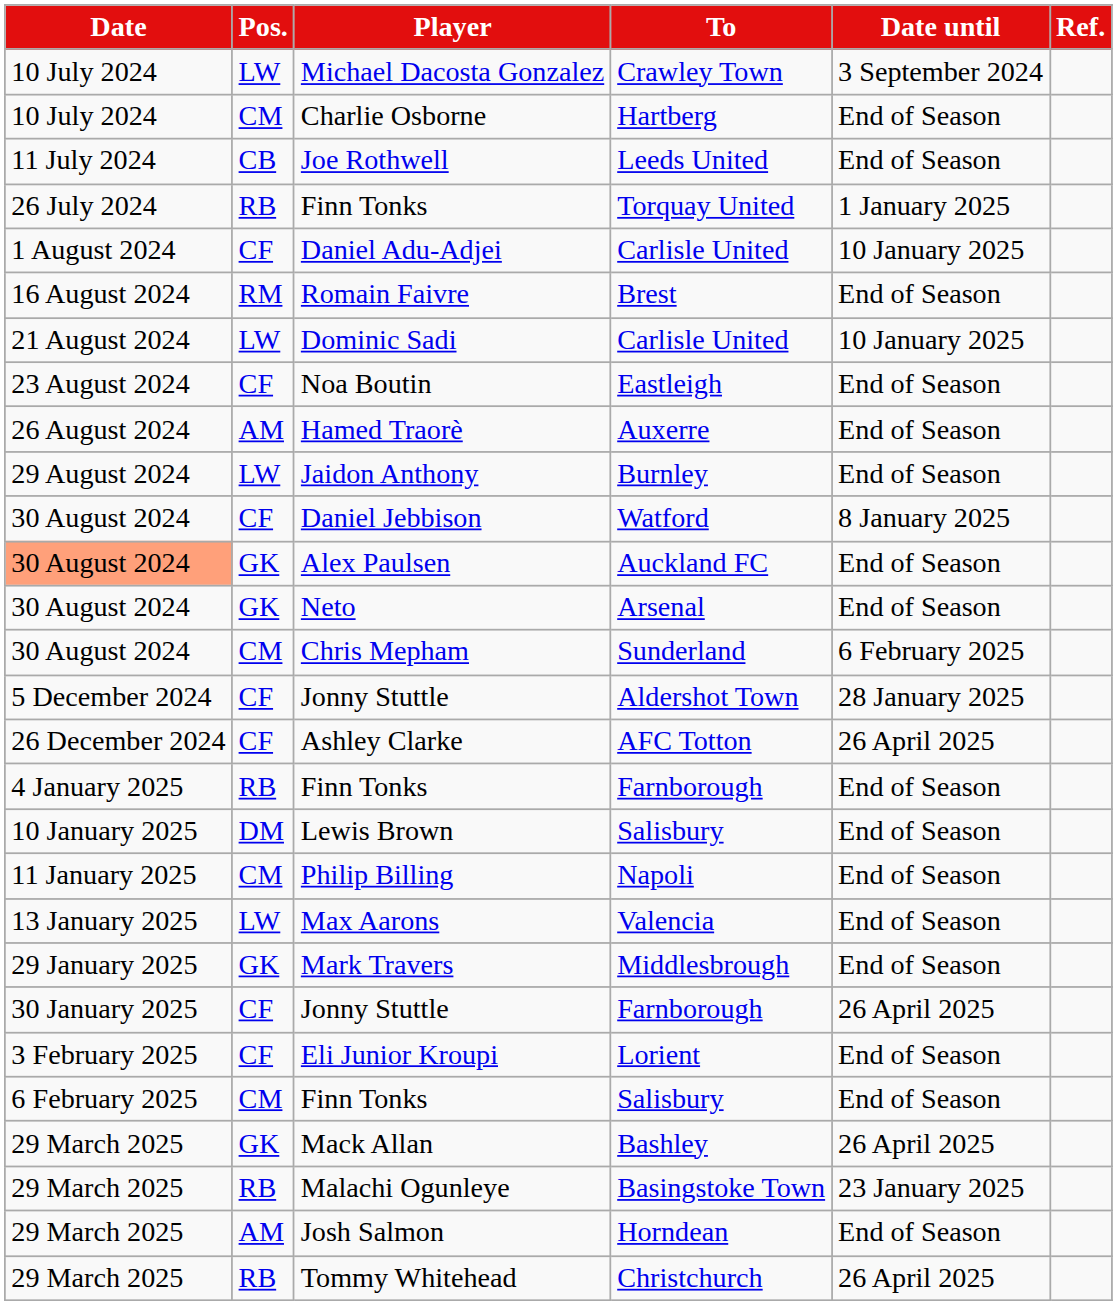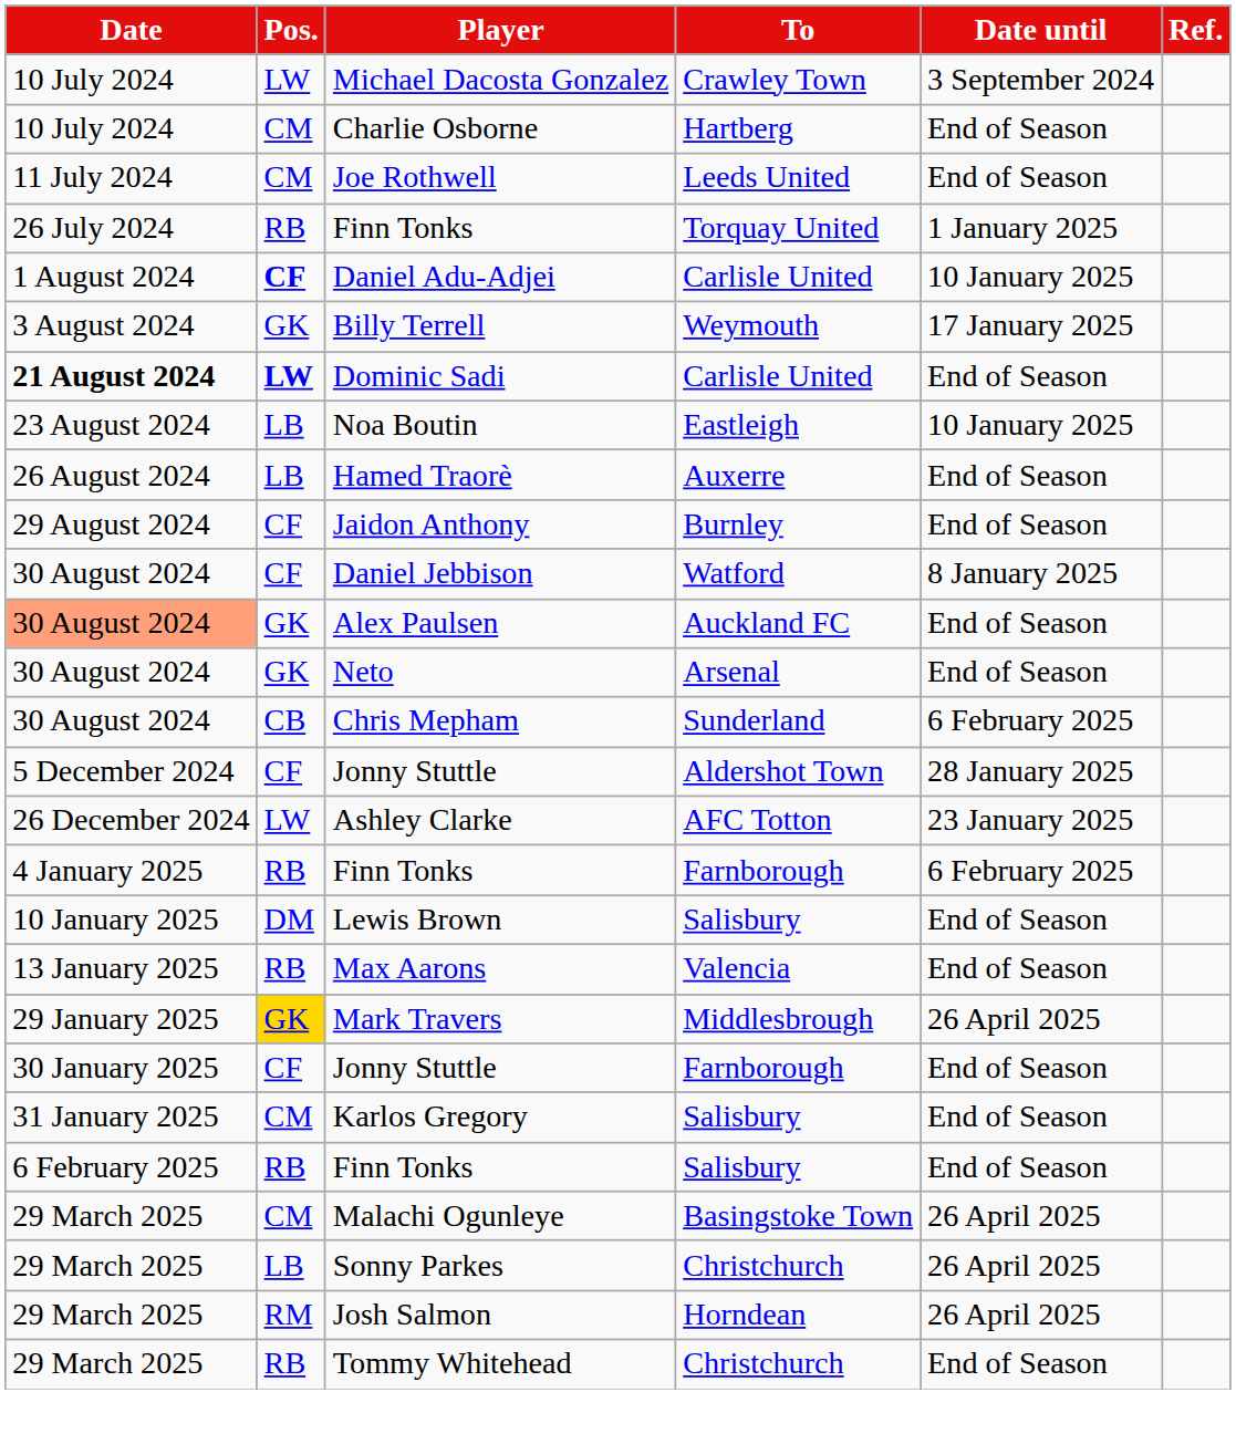 <table class="wikitable plainrowheaders sortable">
 <tr>
 <th style="background:#e20e0e;color:#FFFFFF;">Date</th>
 <th style="background:#e20e0e;color:#FFFFFF;">Pos.</th>
 <th style="background:#e20e0e;color:#FFFFFF;">Player</th>
 <th style="background:#e20e0e;color:#FFFFFF;">To</th>
 <th style="background:#e20e0e;color:#FFFFFF;">Date until</th>
 <th style="background:#e20e0e;color:#FFFFFF;">Ref.</th>
 </tr>
 <tr>
 <td>10 July 2024</td>
 <td><a href='#'>LW</a></td>
 <td> <a href='#'>Michael Dacosta Gonzalez</a></td>
 <td> <a href='#'>Crawley Town</a></td>
 <td>3 September 2024</td>
 <td></td>
 </tr>
 <tr>
 <td>10 July 2024</td>
 <td><a href='#'>CM</a></td>
 <td> Charlie Osborne</td>
 <td> <a href='#'>Hartberg</a></td>
 <td>End of Season</td>
 <td></td>
 </tr>
 <tr>
 <td>11 July 2024</td>
-<td><a href='#'>CB</a></td>
+<td><a href='#'>CM</a></td>
 <td> <a href='#'>Joe Rothwell</a></td>
 <td> <a href='#'>Leeds United</a></td>
 <td>End of Season</td>
 <td></td>
 </tr>
 <tr>
 <td>26 July 2024</td>
 <td><a href='#'>RB</a></td>
 <td> Finn Tonks</td>
 <td> <a href='#'>Torquay United</a></td>
 <td>1 January 2025</td>
 <td></td>
 </tr>
 <tr>
 <td>1 August 2024</td>
-<td><a href='#'>CF</a></td>
+<td><strong><a href='#'>CF</a></strong></td>
 <td> <a href='#'>Daniel Adu-Adjei</a></td>
 <td> <a href='#'>Carlisle United</a></td>
 <td>10 January 2025</td>
 <td></td>
 </tr>
 <tr>
-<td>16 August 2024</td>
-<td><a href='#'>RM</a></td>
-<td> <a href='#'>Romain Faivre</a></td>
-<td> <a href='#'>Brest</a></td>
+<td>3 August 2024</td>
+<td><a href='#'>GK</a></td>
+<td> <a href='#'>Billy Terrell</a></td>
+<td> <a href='#'>Weymouth</a></td>
+<td>17 January 2025</td>
+<td></td>
+</tr>
+<tr>
+<td><strong>21 August 2024</strong></td>
+<td><strong><a href='#'>LW</a></strong></td>
+<td> <a href='#'>Dominic Sadi</a></td>
+<td> <a href='#'>Carlisle United</a></td>
 <td>End of Season</td>
 <td></td>
 </tr>
 <tr>
-<td>21 August 2024</td>
-<td><a href='#'>LW</a></td>
-<td> <a href='#'>Dominic Sadi</a></td>
-<td> <a href='#'>Carlisle United</a></td>
+<td>23 August 2024</td>
+<td><a href='#'>LB</a></td>
+<td> Noa Boutin</td>
+<td> <a href='#'>Eastleigh</a></td>
 <td>10 January 2025</td>
 <td></td>
 </tr>
 <tr>
-<td>23 August 2024</td>
-<td><a href='#'>CF</a></td>
-<td> Noa Boutin</td>
-<td> <a href='#'>Eastleigh</a></td>
-<td>End of Season</td>
-<td></td>
-</tr>
-<tr>
 <td>26 August 2024</td>
-<td><a href='#'>AM</a></td>
+<td><a href='#'>LB</a></td>
 <td> <a href='#'>Hamed Traorè</a></td>
 <td> <a href='#'>Auxerre</a></td>
 <td>End of Season</td>
 <td></td>
 </tr>
 <tr>
 <td>29 August 2024</td>
-<td><a href='#'>LW</a></td>
+<td><a href='#'>CF</a></td>
 <td> <a href='#'>Jaidon Anthony</a></td>
 <td> <a href='#'>Burnley</a></td>
 <td>End of Season</td>
 <td></td>
 </tr>
 <tr>
 <td>30 August 2024</td>
 <td><a href='#'>CF</a></td>
 <td> <a href='#'>Daniel Jebbison</a></td>
 <td> <a href='#'>Watford</a></td>
 <td>8 January 2025</td>
 <td></td>
 </tr>
 <tr>
 <td style="background: lightsalmon;">30 August 2024</td>
 <td><a href='#'>GK</a></td>
 <td> <a href='#'>Alex Paulsen</a></td>
 <td> <a href='#'>Auckland FC</a></td>
 <td>End of Season</td>
 <td></td>
 </tr>
 <tr>
 <td>30 August 2024</td>
 <td><a href='#'>GK</a></td>
 <td> <a href='#'>Neto</a></td>
 <td> <a href='#'>Arsenal</a></td>
 <td>End of Season</td>
 <td></td>
 </tr>
 <tr>
 <td>30 August 2024</td>
-<td><a href='#'>CM</a></td>
+<td><a href='#'>CB</a></td>
 <td> <a href='#'>Chris Mepham</a></td>
 <td> <a href='#'>Sunderland</a></td>
 <td>6 February 2025</td>
 <td></td>
 </tr>
 <tr>
 <td>5 December 2024</td>
 <td><a href='#'>CF</a></td>
 <td> Jonny Stuttle</td>
 <td> <a href='#'>Aldershot Town</a></td>
 <td>28 January 2025</td>
 <td></td>
 </tr>
 <tr>
 <td>26 December 2024</td>
-<td><a href='#'>CF</a></td>
+<td><a href='#'>LW</a></td>
 <td> Ashley Clarke</td>
 <td> <a href='#'>AFC Totton</a></td>
-<td>26 April 2025</td>
+<td>23 January 2025</td>
 <td></td>
 </tr>
 <tr>
 <td>4 January 2025</td>
 <td><a href='#'>RB</a></td>
 <td> Finn Tonks</td>
 <td> <a href='#'>Farnborough</a></td>
-<td>End of Season</td>
+<td>6 February 2025</td>
 <td></td>
 </tr>
 <tr>
 <td>10 January 2025</td>
 <td><a href='#'>DM</a></td>
 <td> Lewis Brown</td>
 <td> <a href='#'>Salisbury</a></td>
 <td>End of Season</td>
 <td></td>
 </tr>
 <tr>
-<td>11 January 2025</td>
-<td><a href='#'>CM</a></td>
-<td> <a href='#'>Philip Billing</a></td>
-<td> <a href='#'>Napoli</a></td>
-<td>End of Season</td>
-<td></td>
-</tr>
-<tr>
 <td>13 January 2025</td>
-<td><a href='#'>LW</a></td>
+<td><a href='#'>RB</a></td>
 <td> <a href='#'>Max Aarons</a></td>
 <td> <a href='#'>Valencia</a></td>
 <td>End of Season</td>
 <td></td>
 </tr>
 <tr>
 <td>29 January 2025</td>
-<td><a href='#'>GK</a></td>
+<td style="background: gold;"><a href='#'>GK</a></td>
 <td> <a href='#'>Mark Travers</a></td>
 <td> <a href='#'>Middlesbrough</a></td>
-<td>End of Season</td>
+<td>26 April 2025</td>
 <td></td>
 </tr>
 <tr>
 <td>30 January 2025</td>
 <td><a href='#'>CF</a></td>
 <td> Jonny Stuttle</td>
 <td> <a href='#'>Farnborough</a></td>
-<td>26 April 2025</td>
+<td>End of Season</td>
 <td></td>
 </tr>
 <tr>
-<td>3 February 2025</td>
-<td><a href='#'>CF</a></td>
-<td> <a href='#'>Eli Junior Kroupi</a></td>
-<td> <a href='#'>Lorient</a></td>
+<td>31 January 2025</td>
+<td><a href='#'>CM</a></td>
+<td> Karlos Gregory</td>
+<td> <a href='#'>Salisbury</a></td>
 <td>End of Season</td>
 <td></td>
 </tr>
 <tr>
 <td>6 February 2025</td>
-<td><a href='#'>CM</a></td>
+<td><a href='#'>RB</a></td>
 <td> Finn Tonks</td>
 <td> <a href='#'>Salisbury</a></td>
 <td>End of Season</td>
 <td></td>
 </tr>
 <tr>
 <td>29 March 2025</td>
-<td><a href='#'>GK</a></td>
-<td> Mack Allan</td>
-<td> <a href='#'>Bashley</a></td>
+<td><a href='#'>CM</a></td>
+<td> Malachi Ogunleye</td>
+<td> <a href='#'>Basingstoke Town</a></td>
 <td>26 April 2025</td>
 <td></td>
 </tr>
 <tr>
 <td>29 March 2025</td>
-<td><a href='#'>RB</a></td>
-<td> Malachi Ogunleye</td>
-<td> <a href='#'>Basingstoke Town</a></td>
-<td>23 January 2025</td>
+<td><a href='#'>LB</a></td>
+<td> Sonny Parkes</td>
+<td> <a href='#'>Christchurch</a></td>
+<td>26 April 2025</td>
 <td></td>
 </tr>
 <tr>
 <td>29 March 2025</td>
-<td><a href='#'>AM</a></td>
+<td><a href='#'>RM</a></td>
 <td> Josh Salmon</td>
 <td> <a href='#'>Horndean</a></td>
-<td>End of Season</td>
+<td>26 April 2025</td>
 <td></td>
 </tr>
 <tr>
 <td>29 March 2025</td>
 <td><a href='#'>RB</a></td>
 <td> Tommy Whitehead</td>
 <td> <a href='#'>Christchurch</a></td>
-<td>26 April 2025</td>
+<td>End of Season</td>
 <td></td>
 </tr>
 </table>
